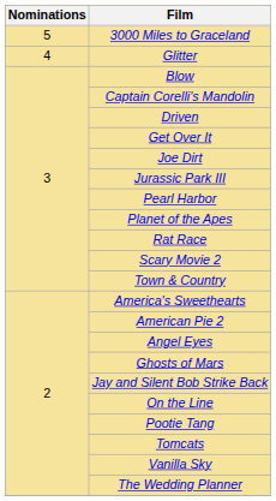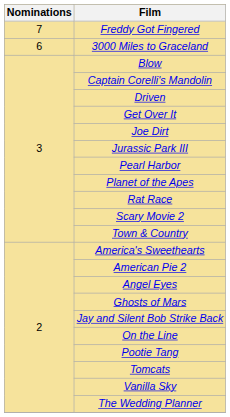 <table class="wikitable sortable" rowspan=2 style="text-align: center; background: #f6e39c">
 <tr>
 <th scope="col" width="55">Nominations</th>
 <th scope="col" align="center">Film</th>
 </tr>
 <tr>
-<td>5</td>
-<td><em><a href='#'>3000 Miles to Graceland</a></em></td>
+<td>7</td>
+<td><em><a href='#'>Freddy Got Fingered</a></em></td>
 </tr>
 <tr>
-<td>4</td>
-<td><em><a href='#'>Glitter</a></em></td>
+<td>6</td>
+<td><em><a href='#'>3000 Miles to Graceland</a></em></td>
 </tr>
 <tr>
 <td rowspan="11" style="text-align:center">3</td>
 <td><em><a href='#'>Blow</a></em></td>
 </tr>
 <tr>
 <td><em><a href='#'>Captain Corelli's Mandolin</a></em></td>
 </tr>
 <tr>
 <td><em><a href='#'>Driven</a></em></td>
 </tr>
 <tr>
 <td><em><a href='#'>Get Over It</a></em></td>
 </tr>
 <tr>
 <td><em><a href='#'>Joe Dirt</a></em></td>
 </tr>
 <tr>
 <td><em><a href='#'>Jurassic Park III</a></em></td>
 </tr>
 <tr>
 <td><em><a href='#'>Pearl Harbor</a></em></td>
 </tr>
 <tr>
 <td><em><a href='#'>Planet of the Apes</a></em></td>
 </tr>
 <tr>
 <td><em><a href='#'>Rat Race</a></em></td>
 </tr>
 <tr>
 <td><em><a href='#'>Scary Movie 2</a></em></td>
 </tr>
 <tr>
 <td><em><a href='#'>Town & Country</a></em></td>
 </tr>
 <tr>
 <td rowspan="10" style="text-align:center">2</td>
 <td><em><a href='#'>America's Sweethearts</a></em></td>
 </tr>
 <tr>
 <td><em><a href='#'>American Pie 2</a></em></td>
 </tr>
 <tr>
 <td><em><a href='#'>Angel Eyes</a></em></td>
 </tr>
 <tr>
 <td><em><a href='#'>Ghosts of Mars</a></em></td>
 </tr>
 <tr>
 <td><em><a href='#'>Jay and Silent Bob Strike Back</a></em></td>
 </tr>
 <tr>
 <td><em><a href='#'>On the Line</a></em></td>
 </tr>
 <tr>
 <td><em><a href='#'>Pootie Tang</a></em></td>
 </tr>
 <tr>
 <td><em><a href='#'>Tomcats</a></em></td>
 </tr>
 <tr>
 <td><em><a href='#'>Vanilla Sky</a></em></td>
 </tr>
 <tr>
 <td><em><a href='#'>The Wedding Planner</a></em></td>
 </tr>
 <tr>
 </tr>
 </table>
